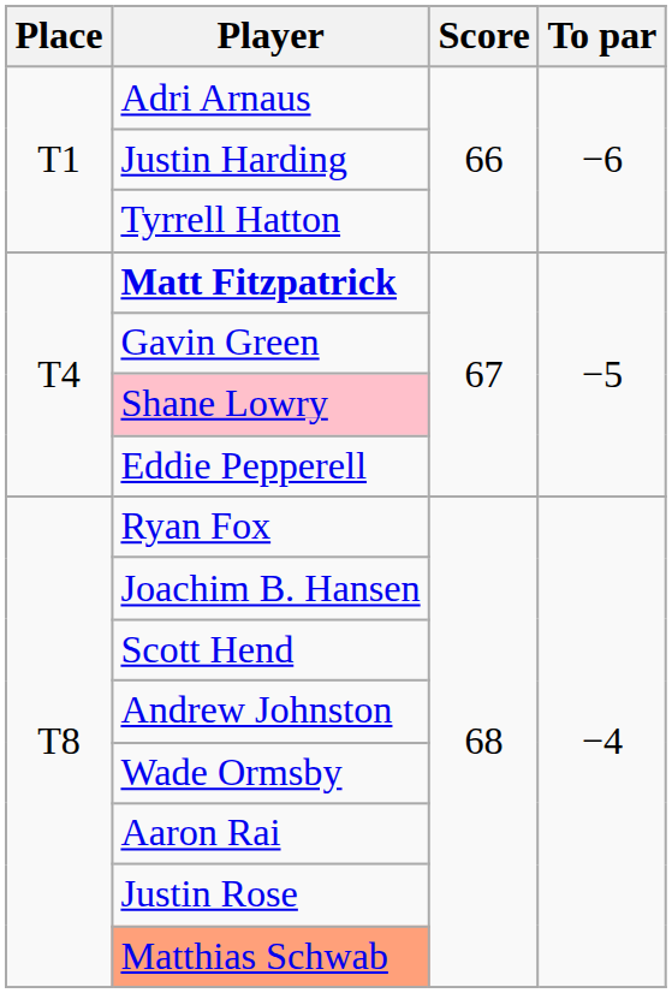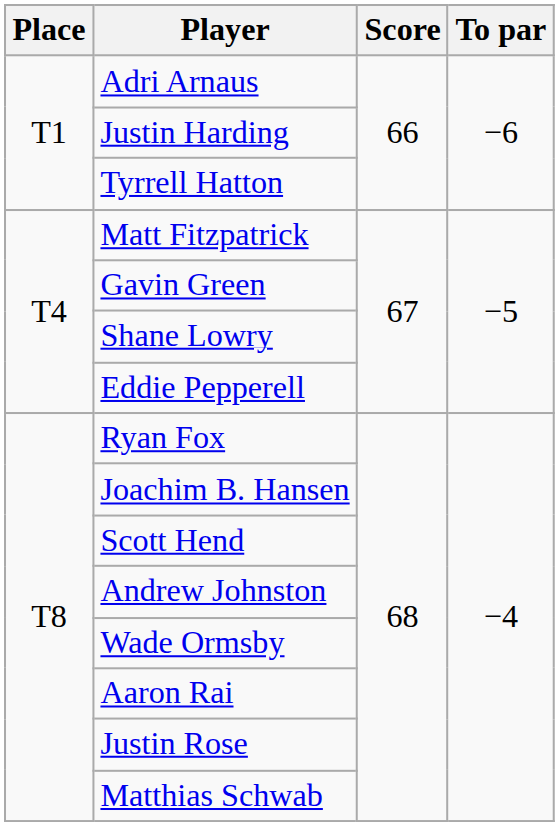 <table class="wikitable">
 <tr>
 <th>Place</th>
 <th>Player</th>
 <th>Score</th>
 <th>To par</th>
 </tr>
 <tr>
 <td align=center rowspan=3>T1</td>
 <td> <a href='#'>Adri Arnaus</a></td>
 <td align=center rowspan=3>66</td>
 <td align=center rowspan=3>−6</td>
 </tr>
 <tr>
 <td> <a href='#'>Justin Harding</a></td>
 </tr>
 <tr>
 <td> <a href='#'>Tyrrell Hatton</a></td>
 </tr>
 <tr>
 <td align=center rowspan=4>T4</td>
-<td><strong> <a href='#'>Matt Fitzpatrick</a></strong></td>
+<td> <a href='#'>Matt Fitzpatrick</a></td>
 <td align=center rowspan=4>67</td>
 <td align=center rowspan=4>−5</td>
 </tr>
 <tr>
 <td> <a href='#'>Gavin Green</a></td>
 </tr>
 <tr>
-<td style="background: pink;"> <a href='#'>Shane Lowry</a></td>
+<td> <a href='#'>Shane Lowry</a></td>
 </tr>
 <tr>
 <td> <a href='#'>Eddie Pepperell</a></td>
 </tr>
 <tr>
 <td align=center rowspan=8>T8</td>
 <td> <a href='#'>Ryan Fox</a></td>
 <td align=center rowspan=8>68</td>
 <td align=center rowspan=8>−4</td>
 </tr>
 <tr>
 <td> <a href='#'>Joachim B. Hansen</a></td>
 </tr>
 <tr>
 <td> <a href='#'>Scott Hend</a></td>
 </tr>
 <tr>
 <td> <a href='#'>Andrew Johnston</a></td>
 </tr>
 <tr>
 <td> <a href='#'>Wade Ormsby</a></td>
 </tr>
 <tr>
 <td> <a href='#'>Aaron Rai</a></td>
 </tr>
 <tr>
 <td> <a href='#'>Justin Rose</a></td>
 </tr>
 <tr>
-<td style="background: lightsalmon;"> <a href='#'>Matthias Schwab</a></td>
+<td> <a href='#'>Matthias Schwab</a></td>
 </tr>
 </table>
